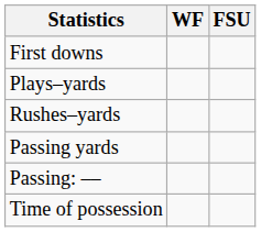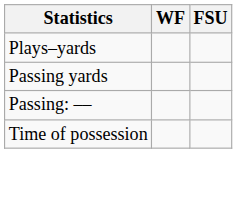 <table class="wikitable" style="float:left">
 <tr>
 <th>Statistics</th>
 <th>WF</th>
 <th>FSU</th>
 </tr>
 <tr>
-<td>First downs</td>
-<td></td>
-<td></td>
-</tr>
-<tr>
 <td>Plays–yards</td>
-<td></td>
-<td></td>
-</tr>
-<tr>
-<td>Rushes–yards</td>
 <td></td>
 <td></td>
 </tr>
 <tr>
 <td>Passing yards</td>
 <td></td>
 <td></td>
 </tr>
 <tr>
 <td>Passing: ––</td>
 <td></td>
 <td></td>
 </tr>
 <tr>
 <td>Time of possession</td>
 <td></td>
 <td></td>
 </tr>
 </table>
